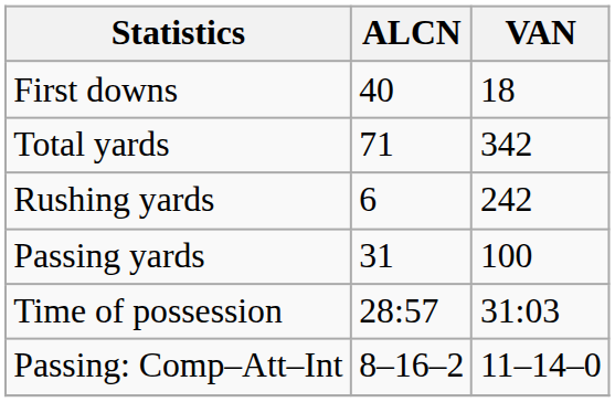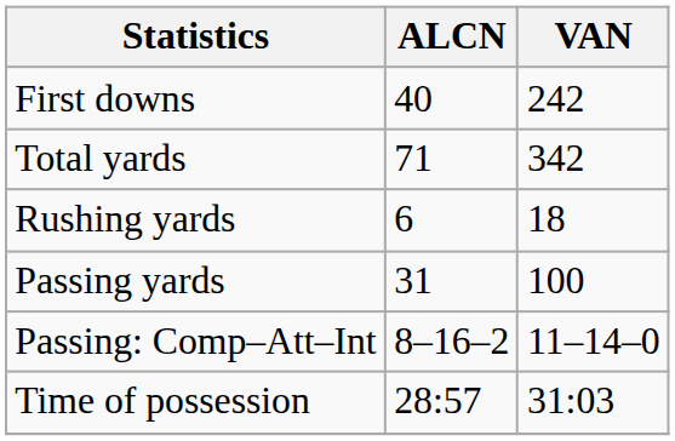 <table class="wikitable" style="float: left;">
 <tr>
 <th>Statistics</th>
 <th>ALCN</th>
 <th>VAN</th>
 </tr>
 <tr>
 <td>First downs</td>
 <td>40</td>
-<td>18</td>
+<td>242</td>
 </tr>
 <tr>
 <td>Total yards</td>
 <td>71</td>
 <td>342</td>
 </tr>
 <tr>
 <td>Rushing yards</td>
 <td>6</td>
-<td>242</td>
+<td>18</td>
 </tr>
 <tr>
 <td>Passing yards</td>
 <td>31</td>
 <td>100</td>
 </tr>
 <tr>
+<td>Passing: Comp–Att–Int</td>
+<td>8–16–2</td>
+<td>11–14–0</td>
+</tr>
+<tr>
 <td>Time of possession</td>
 <td>28:57</td>
 <td>31:03</td>
 </tr>
 <tr>
-<td>Passing: Comp–Att–Int</td>
-<td>8–16–2</td>
-<td>11–14–0</td>
-</tr>
-<tr>
 </tr>
 </table>
